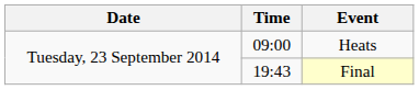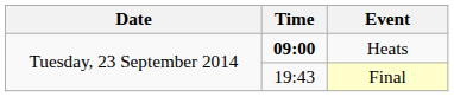 <table class = "wikitable" style="text-align:center;">
 <tr>
 <th width=220>Date</th>
 <th width=50>Time</th>
 <th width=100>Event</th>
 </tr>
 <tr>
 <td rowspan=2>Tuesday, 23 September 2014</td>
-<td>09:00</td>
+<td><strong>09:00</strong></td>
 <td>Heats</td>
 </tr>
 <tr>
 <td>19:43</td>
 <td bgcolor=ffffcc>Final</td>
 </tr>
 </table>
